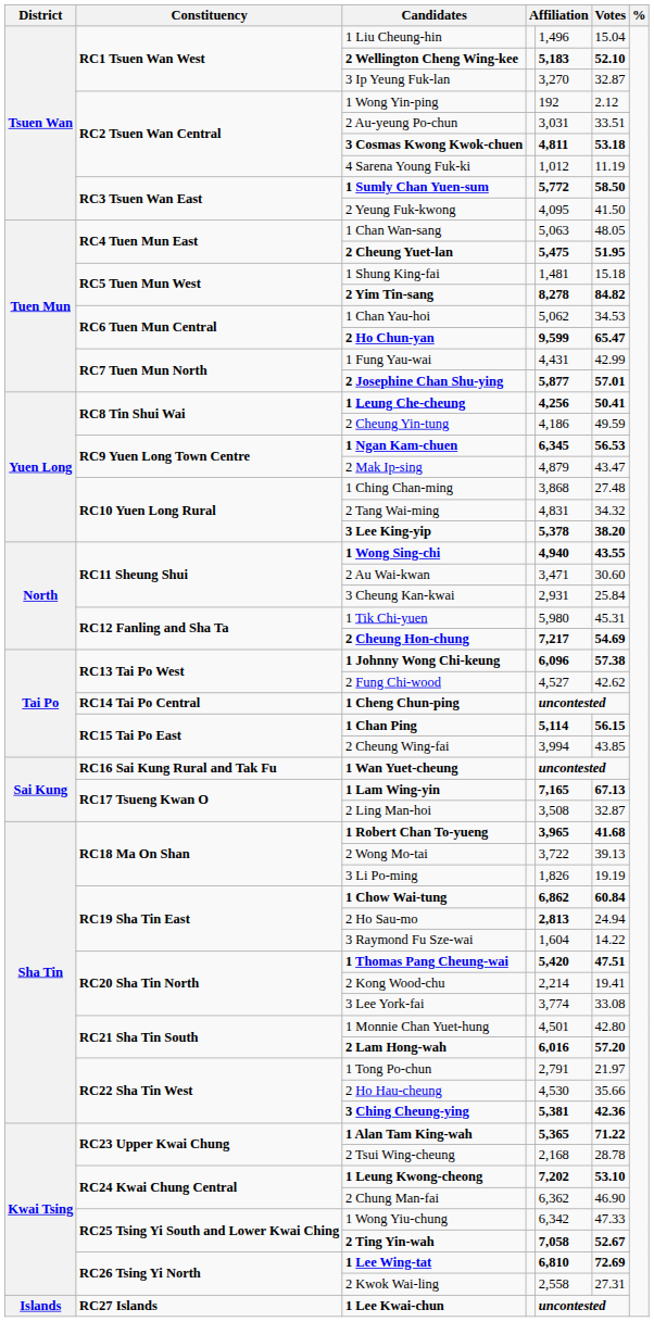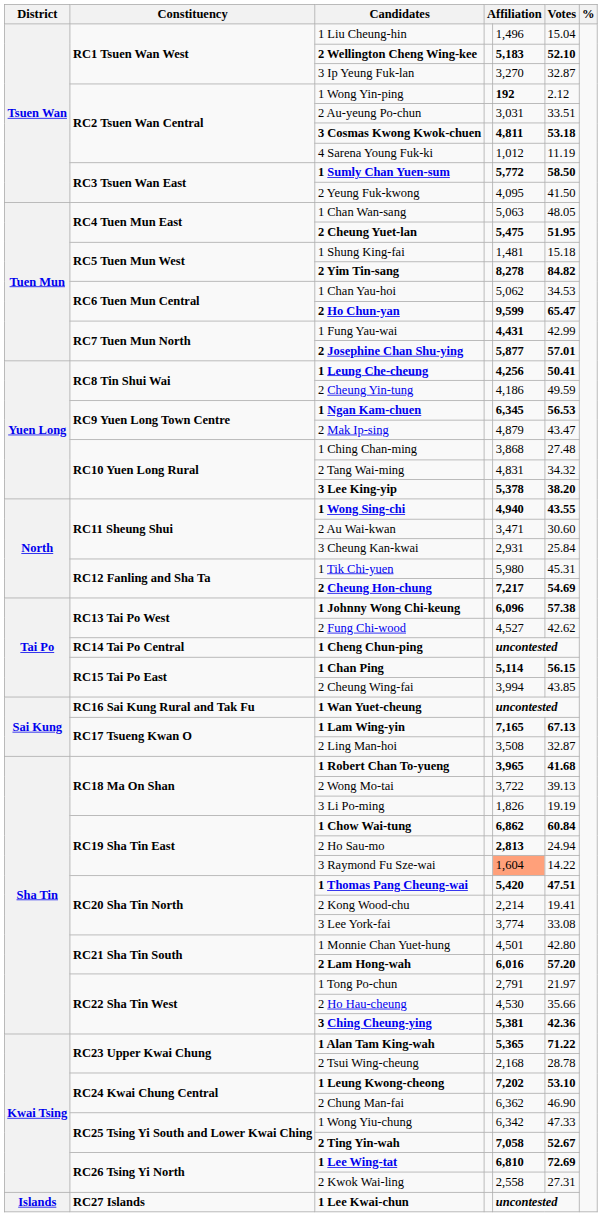 <table class="wikitable">
 <tr>
 <th>District</th>
 <th>Constituency</th>
 <th>Candidates</th>
 <th colspan=2>Affiliation</th>
 <th>Votes</th>
 <th>%</th>
 </tr>
 <tr>
 <th rowspan=9><a href='#'>Tsuen Wan</a></th>
 <td rowspan=3><strong>RC1 Tsuen Wan West</strong></td>
 <td>1 Liu Cheung-hin</td>
 <td></td>
 <td>1,496</td>
 <td>15.04</td>
 </tr>
 <tr>
 <td><strong>2 Wellington Cheng Wing-kee</strong></td>
 <td></td>
 <td><strong>5,183</strong></td>
 <td><strong>52.10</strong></td>
 </tr>
 <tr>
 <td>3 Ip Yeung Fuk-lan</td>
 <td></td>
 <td>3,270</td>
 <td>32.87</td>
 </tr>
 <tr>
 <td rowspan=4><strong>RC2 Tsuen Wan Central</strong></td>
 <td>1 Wong Yin-ping</td>
 <td></td>
-<td>192</td>
+<td><strong>192</strong></td>
 <td>2.12</td>
 </tr>
 <tr>
 <td>2 Au-yeung Po-chun</td>
 <td></td>
 <td>3,031</td>
 <td>33.51</td>
 </tr>
 <tr>
 <td><strong>3 Cosmas Kwong Kwok-chuen</strong></td>
 <td></td>
 <td><strong>4,811</strong></td>
 <td><strong>53.18</strong></td>
 </tr>
 <tr>
 <td>4 Sarena Young Fuk-ki</td>
 <td></td>
 <td>1,012</td>
 <td>11.19</td>
 </tr>
 <tr>
 <td rowspan=2><strong>RC3 Tsuen Wan East</strong></td>
 <td><strong>1 <a href='#'>Sumly Chan Yuen-sum</a></strong></td>
 <td></td>
 <td><strong>5,772</strong></td>
 <td><strong>58.50</strong></td>
 </tr>
 <tr>
 <td>2 Yeung Fuk-kwong</td>
 <td></td>
 <td>4,095</td>
 <td>41.50</td>
 </tr>
 <tr>
 <th rowspan=8><a href='#'>Tuen Mun</a></th>
 <td rowspan=2><strong>RC4 Tuen Mun East</strong></td>
 <td>1 Chan Wan-sang</td>
 <td></td>
 <td>5,063</td>
 <td>48.05</td>
 </tr>
 <tr>
 <td><strong>2 Cheung Yuet-lan</strong></td>
 <td></td>
 <td><strong>5,475</strong></td>
 <td><strong>51.95</strong></td>
 </tr>
 <tr>
 <td rowspan=2><strong>RC5 Tuen Mun West</strong></td>
 <td>1 Shung King-fai</td>
 <td></td>
 <td>1,481</td>
 <td>15.18</td>
 </tr>
 <tr>
 <td><strong>2 Yim Tin-sang</strong></td>
 <td></td>
 <td><strong>8,278</strong></td>
 <td><strong>84.82</strong></td>
 </tr>
 <tr>
 <td rowspan=2><strong>RC6 Tuen Mun Central</strong></td>
 <td>1 Chan Yau-hoi</td>
 <td></td>
 <td>5,062</td>
 <td>34.53</td>
 </tr>
 <tr>
 <td><strong>2 <a href='#'>Ho Chun-yan</a></strong></td>
 <td></td>
 <td><strong>9,599</strong></td>
 <td><strong>65.47</strong></td>
 </tr>
 <tr>
 <td rowspan=2><strong>RC7 Tuen Mun North</strong></td>
 <td>1 Fung Yau-wai</td>
 <td></td>
-<td>4,431</td>
+<td><strong>4,431</strong></td>
 <td>42.99</td>
 </tr>
 <tr>
 <td><strong>2 <a href='#'>Josephine Chan Shu-ying</a></strong></td>
 <td></td>
 <td><strong>5,877</strong></td>
 <td><strong>57.01</strong></td>
 </tr>
 <tr>
 <th rowspan=7><a href='#'>Yuen Long</a></th>
 <td rowspan=2><strong>RC8 Tin Shui Wai</strong></td>
 <td><strong>1 <a href='#'>Leung Che-cheung</a></strong></td>
 <td></td>
 <td><strong>4,256</strong></td>
 <td><strong>50.41</strong></td>
 </tr>
 <tr>
 <td>2 <a href='#'>Cheung Yin-tung</a></td>
 <td></td>
 <td>4,186</td>
 <td>49.59</td>
 </tr>
 <tr>
 <td rowspan=2><strong>RC9 Yuen Long Town Centre</strong></td>
 <td><strong>1 <a href='#'>Ngan Kam-chuen</a></strong></td>
 <td></td>
 <td><strong>6,345</strong></td>
 <td><strong>56.53</strong></td>
 </tr>
 <tr>
 <td>2 <a href='#'>Mak Ip-sing</a></td>
 <td></td>
 <td>4,879</td>
 <td>43.47</td>
 </tr>
 <tr>
 <td rowspan=3><strong>RC10 Yuen Long Rural</strong></td>
 <td>1 Ching Chan-ming</td>
 <td></td>
 <td>3,868</td>
 <td>27.48</td>
 </tr>
 <tr>
 <td>2 Tang Wai-ming</td>
 <td></td>
 <td>4,831</td>
 <td>34.32</td>
 </tr>
 <tr>
 <td><strong>3 Lee King-yip</strong></td>
 <td></td>
 <td><strong>5,378</strong></td>
 <td><strong>38.20</strong></td>
 </tr>
 <tr>
 <th rowspan=5><a href='#'>North</a></th>
 <td rowspan=3><strong>RC11 Sheung Shui</strong></td>
 <td><strong>1 <a href='#'>Wong Sing-chi</a></strong></td>
 <td></td>
 <td><strong>4,940</strong></td>
 <td><strong>43.55</strong></td>
 </tr>
 <tr>
 <td>2  Au Wai-kwan</td>
 <td></td>
 <td>3,471</td>
 <td>30.60</td>
 </tr>
 <tr>
 <td>3 Cheung Kan-kwai</td>
 <td></td>
 <td>2,931</td>
 <td>25.84</td>
 </tr>
 <tr>
 <td rowspan=2><strong>RC12 Fanling and Sha Ta</strong></td>
 <td>1 <a href='#'>Tik Chi-yuen</a></td>
 <td></td>
 <td>5,980</td>
 <td>45.31</td>
 </tr>
 <tr>
 <td><strong>2 <a href='#'>Cheung Hon-chung</a></strong></td>
 <td></td>
 <td><strong>7,217</strong></td>
 <td><strong>54.69</strong></td>
 </tr>
 <tr>
 <th rowspan=5><a href='#'>Tai Po</a></th>
 <td rowspan=2><strong>RC13 Tai Po West</strong></td>
 <td><strong>1 Johnny Wong Chi-keung</strong></td>
 <td></td>
 <td><strong>6,096</strong></td>
 <td><strong>57.38</strong></td>
 </tr>
 <tr>
 <td>2 <a href='#'>Fung Chi-wood</a></td>
 <td></td>
 <td>4,527</td>
 <td>42.62</td>
 </tr>
 <tr>
 <td><strong>RC14 Tai Po Central</strong></td>
 <td><strong>1 Cheng Chun-ping</strong></td>
 <td></td>
 <td colspan=2><strong><em>uncontested</em></strong></td>
 </tr>
 <tr>
 <td rowspan=2><strong>RC15 Tai Po East</strong></td>
 <td><strong>1 Chan Ping</strong></td>
 <td></td>
 <td><strong>5,114</strong></td>
 <td><strong>56.15</strong></td>
 </tr>
 <tr>
 <td>2 Cheung Wing-fai</td>
 <td></td>
 <td>3,994</td>
 <td>43.85</td>
 </tr>
 <tr>
 <th rowspan=3><a href='#'>Sai Kung</a></th>
 <td><strong>RC16 Sai Kung Rural and Tak Fu</strong></td>
 <td><strong>1 Wan Yuet-cheung</strong></td>
 <td></td>
 <td colspan=2><strong><em>uncontested</em></strong></td>
 </tr>
 <tr>
 <td rowspan=2><strong>RC17 Tsueng Kwan O</strong></td>
 <td><strong>1 Lam Wing-yin</strong></td>
 <td></td>
 <td><strong>7,165</strong></td>
 <td><strong>67.13</strong></td>
 </tr>
 <tr>
 <td>2 Ling Man-hoi</td>
 <td></td>
 <td>3,508</td>
 <td>32.87</td>
 </tr>
 <tr>
 <th rowspan=14><a href='#'>Sha Tin</a></th>
 <td rowspan=3><strong>RC18 Ma On Shan</strong></td>
 <td><strong>1 Robert Chan To-yueng</strong></td>
 <td></td>
 <td><strong>3,965</strong></td>
 <td><strong>41.68</strong></td>
 </tr>
 <tr>
 <td>2 Wong Mo-tai</td>
 <td></td>
 <td>3,722</td>
 <td>39.13</td>
 </tr>
 <tr>
 <td>3 Li Po-ming</td>
 <td></td>
 <td>1,826</td>
 <td>19.19</td>
 </tr>
 <tr>
 <td rowspan=3><strong>RC19 Sha Tin East</strong></td>
 <td><strong>1 Chow Wai-tung</strong></td>
 <td></td>
 <td><strong>6,862</strong></td>
 <td><strong>60.84</strong></td>
 </tr>
 <tr>
 <td>2 Ho Sau-mo</td>
 <td></td>
 <td><strong>2,813</strong></td>
 <td>24.94</td>
 </tr>
 <tr>
 <td>3 Raymond Fu Sze-wai</td>
 <td></td>
-<td>1,604</td>
+<td style="background: lightsalmon;">1,604</td>
 <td>14.22</td>
 </tr>
 <tr>
 <td rowspan=3><strong>RC20 Sha Tin North</strong></td>
 <td><strong>1 <a href='#'>Thomas Pang Cheung-wai</a></strong></td>
 <td></td>
 <td><strong>5,420</strong></td>
 <td><strong>47.51</strong></td>
 </tr>
 <tr>
 <td>2 Kong Wood-chu</td>
 <td></td>
 <td>2,214</td>
 <td>19.41</td>
 </tr>
 <tr>
 <td>3 Lee York-fai</td>
 <td></td>
 <td>3,774</td>
 <td>33.08</td>
 </tr>
 <tr>
 <td rowspan=2><strong>RC21 Sha Tin South</strong></td>
 <td>1 Monnie Chan Yuet-hung</td>
 <td></td>
 <td>4,501</td>
 <td>42.80</td>
 </tr>
 <tr>
 <td><strong>2 Lam Hong-wah</strong></td>
 <td></td>
 <td><strong>6,016</strong></td>
 <td><strong>57.20</strong></td>
 </tr>
 <tr>
 <td rowspan=3><strong>RC22 Sha Tin West</strong></td>
 <td>1 Tong Po-chun</td>
 <td></td>
 <td>2,791</td>
 <td>21.97</td>
 </tr>
 <tr>
 <td>2 <a href='#'>Ho Hau-cheung</a></td>
 <td></td>
 <td>4,530</td>
 <td>35.66</td>
 </tr>
 <tr>
 <td><strong>3 <a href='#'>Ching Cheung-ying</a></strong></td>
 <td></td>
 <td><strong>5,381</strong></td>
 <td><strong>42.36</strong></td>
 </tr>
 <tr>
 <th rowspan=8><a href='#'>Kwai Tsing</a></th>
 <td rowspan=2><strong>RC23 Upper Kwai Chung</strong></td>
 <td><strong>1 Alan Tam King-wah</strong></td>
 <td></td>
 <td><strong>5,365</strong></td>
 <td><strong>71.22</strong></td>
 </tr>
 <tr>
 <td>2 Tsui Wing-cheung</td>
 <td></td>
 <td>2,168</td>
 <td>28.78</td>
 </tr>
 <tr>
 <td rowspan=2><strong>RC24 Kwai Chung Central</strong></td>
 <td><strong>1 Leung Kwong-cheong</strong></td>
 <td></td>
 <td><strong>7,202</strong></td>
 <td><strong>53.10</strong></td>
 </tr>
 <tr>
 <td>2 Chung Man-fai</td>
 <td></td>
 <td>6,362</td>
 <td>46.90</td>
 </tr>
 <tr>
 <td rowspan=2><strong>RC25 Tsing Yi South and Lower Kwai Ching</strong></td>
 <td>1 Wong Yiu-chung</td>
 <td></td>
 <td>6,342</td>
 <td>47.33</td>
 </tr>
 <tr>
 <td><strong>2 Ting Yin-wah</strong></td>
 <td></td>
 <td><strong>7,058</strong></td>
 <td><strong>52.67</strong></td>
 </tr>
 <tr>
 <td rowspan=2><strong>RC26 Tsing Yi North</strong></td>
 <td><strong>1 <a href='#'>Lee Wing-tat</a></strong></td>
 <td></td>
 <td><strong>6,810</strong></td>
 <td><strong>72.69</strong></td>
 </tr>
 <tr>
 <td>2 Kwok Wai-ling</td>
 <td></td>
 <td>2,558</td>
 <td>27.31</td>
 </tr>
 <tr>
 <th><a href='#'>Islands</a></th>
 <td><strong>RC27 Islands</strong></td>
 <td><strong>1 Lee Kwai-chun</strong></td>
 <td></td>
 <td colspan=2><strong><em>uncontested</em></strong></td>
 </tr>
 </table>
